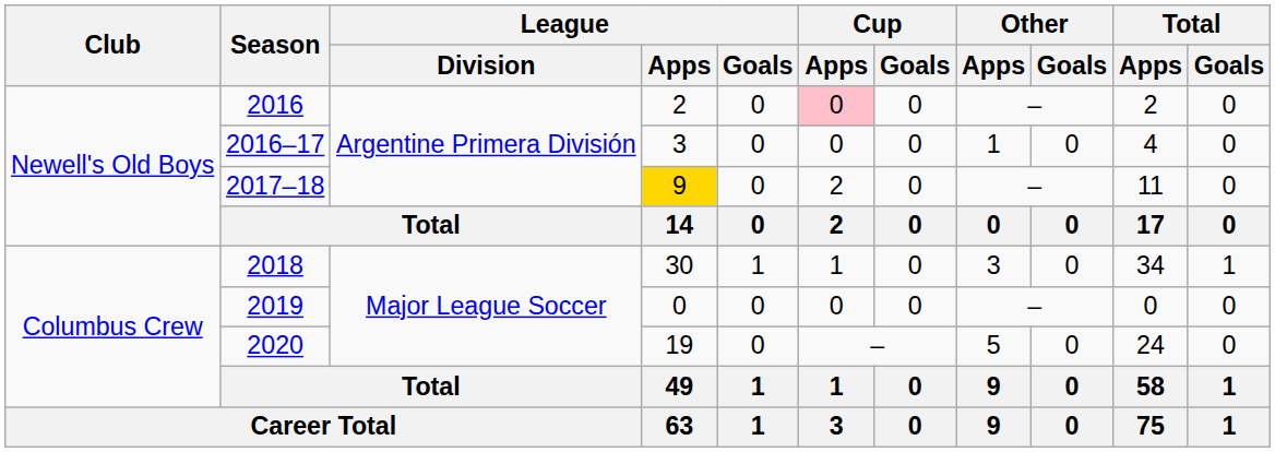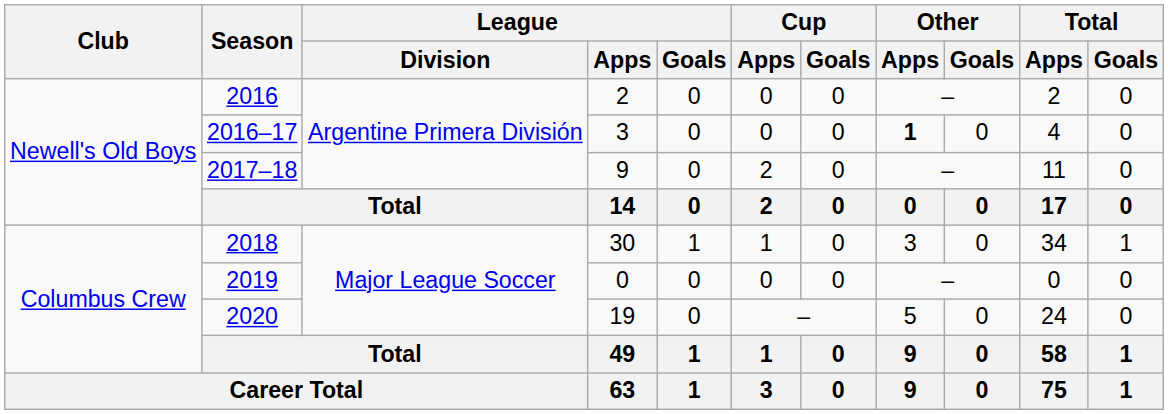 <table class="wikitable" style="text-align: center;">
 <tr>
 <th rowspan="2">Club</th>
 <th rowspan="2">Season</th>
 <th colspan="3">League</th>
 <th colspan="2">Cup</th>
 <th colspan="2">Other</th>
 <th colspan="2">Total</th>
 </tr>
 <tr>
 <th>Division</th>
 <th>Apps</th>
 <th>Goals</th>
 <th>Apps</th>
 <th>Goals</th>
 <th>Apps</th>
 <th>Goals</th>
 <th>Apps</th>
 <th>Goals</th>
 </tr>
 <tr>
 <td rowspan="4"><a href='#'>Newell's Old Boys</a></td>
 <td><a href='#'>2016</a></td>
 <td rowspan="3"><a href='#'>Argentine Primera División</a></td>
 <td>2</td>
 <td>0</td>
-<td style="background: pink;">0</td>
+<td>0</td>
 <td>0</td>
 <td colspan="2">–</td>
 <td>2</td>
 <td>0</td>
 </tr>
 <tr>
 <td><a href='#'>2016–17</a></td>
 <td>3</td>
 <td>0</td>
 <td>0</td>
 <td>0</td>
-<td>1</td>
+<td><strong>1</strong></td>
 <td>0</td>
 <td>4</td>
 <td>0</td>
 </tr>
 <tr>
 <td><a href='#'>2017–18</a></td>
-<td style="background: gold;">9</td>
+<td>9</td>
 <td>0</td>
 <td>2</td>
 <td>0</td>
 <td colspan="2">–</td>
 <td>11</td>
 <td>0</td>
 </tr>
 <tr>
 <th colspan="2">Total</th>
 <th>14</th>
 <th>0</th>
 <th>2</th>
 <th>0</th>
 <th>0</th>
 <th>0</th>
 <th>17</th>
 <th>0</th>
 </tr>
 <tr>
 <td rowspan="4"><a href='#'>Columbus Crew</a></td>
 <td><a href='#'>2018</a></td>
 <td rowspan="3"><a href='#'>Major League Soccer</a></td>
 <td>30</td>
 <td>1</td>
 <td>1</td>
 <td>0</td>
 <td>3</td>
 <td>0</td>
 <td>34</td>
 <td>1</td>
 </tr>
 <tr>
 <td><a href='#'>2019</a></td>
 <td>0</td>
 <td>0</td>
 <td>0</td>
 <td>0</td>
 <td colspan="2">–</td>
 <td>0</td>
 <td>0</td>
 </tr>
 <tr>
 <td><a href='#'>2020</a></td>
 <td>19</td>
 <td>0</td>
 <td colspan="2">–</td>
 <td>5</td>
 <td>0</td>
 <td>24</td>
 <td>0</td>
 </tr>
 <tr>
 <th colspan="2">Total</th>
 <th>49</th>
 <th>1</th>
 <th>1</th>
 <th>0</th>
 <th>9</th>
 <th>0</th>
 <th>58</th>
 <th>1</th>
 </tr>
 <tr>
 <th colspan="3">Career Total</th>
 <th>63</th>
 <th>1</th>
 <th>3</th>
 <th>0</th>
 <th>9</th>
 <th>0</th>
 <th>75</th>
 <th>1</th>
 </tr>
 </table>
